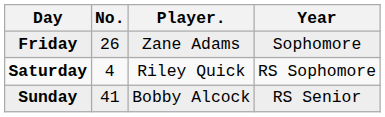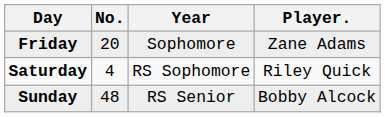 <table class="wikitable non-sortable">
 <tr>
 <th style="text-align:center; ">Day</th>
 <th style="text-align:center; ">No.</th>
+<th style="text-align:center; ">Year</th>
 <th style="text-align:center; ">Player.</th>
-<th style="text-align:center; ">Year</th>
 </tr>
 <tr style="background:#eeeeee;text-align:center;">
 <td><strong>Friday</strong></td>
-<td>26</td>
+<td>20</td>
+<td>Sophomore</td>
 <td>Zane Adams</td>
-<td>Sophomore</td>
 </tr>
 <tr style="text-align:center;">
 <td><strong>Saturday</strong></td>
 <td>4</td>
+<td>RS Sophomore</td>
 <td>Riley Quick</td>
-<td>RS Sophomore</td>
 </tr>
 <tr style="background:#eeeeee;text-align:center;">
 <td><strong>Sunday</strong></td>
-<td>41</td>
+<td>48</td>
+<td>RS Senior</td>
 <td>Bobby Alcock</td>
-<td>RS Senior</td>
 </tr>
 </table>
